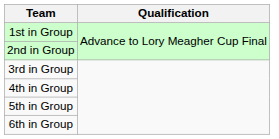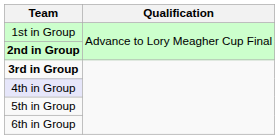 <table class="wikitable" style="text-align:center">
 <tr>
 <th>Team</th>
 <th>Qualification</th>
 </tr>
 <tr style="background:#ccffcc">
 <td>1st in Group</td>
 <td rowspan="2">Advance to Lory Meagher Cup Final</td>
 </tr>
 <tr style="background:#ccffcc">
-<td>2nd in Group</td>
+<td><strong>2nd in Group</strong></td>
 </tr>
 <tr>
-<td>3rd in Group</td>
+<td><strong>3rd in Group</strong></td>
 <td rowspan="4"></td>
 </tr>
 <tr>
-<td>4th in Group</td>
+<td style="background: lavender;">4th in Group</td>
 </tr>
 <tr>
 <td>5th in Group</td>
 </tr>
 <tr>
 <td>6th in Group</td>
 </tr>
 </table>
